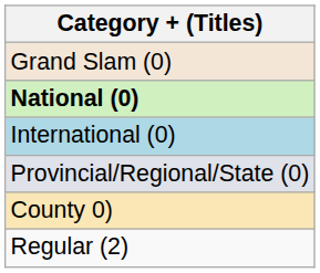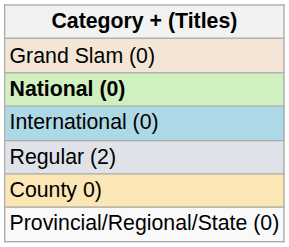 <table class="wikitable" style="display:inline-table;">
 <tr style="background:#ffc;">
 <th>Category + (Titles)</th>
 </tr>
 <tr style="background:#f3e6d7">
 <td>Grand Slam (0)</td>
 </tr>
 <tr style="background:#d0f0c0">
 <td><strong>National (0)</strong></td>
 </tr>
 <tr style="background:#add8e6">
 <td>International (0)</td>
 </tr>
 <tr style="background:#dfe2e9">
-<td>Provincial/Regional/State (0)</td>
+<td>Regular (2)</td>
 </tr>
 <tr style="background:#fae7b5">
 <td>County 0)</td>
 </tr>
 <tr>
-<td>Regular (2)</td>
+<td>Provincial/Regional/State (0)</td>
 </tr>
 </table>
